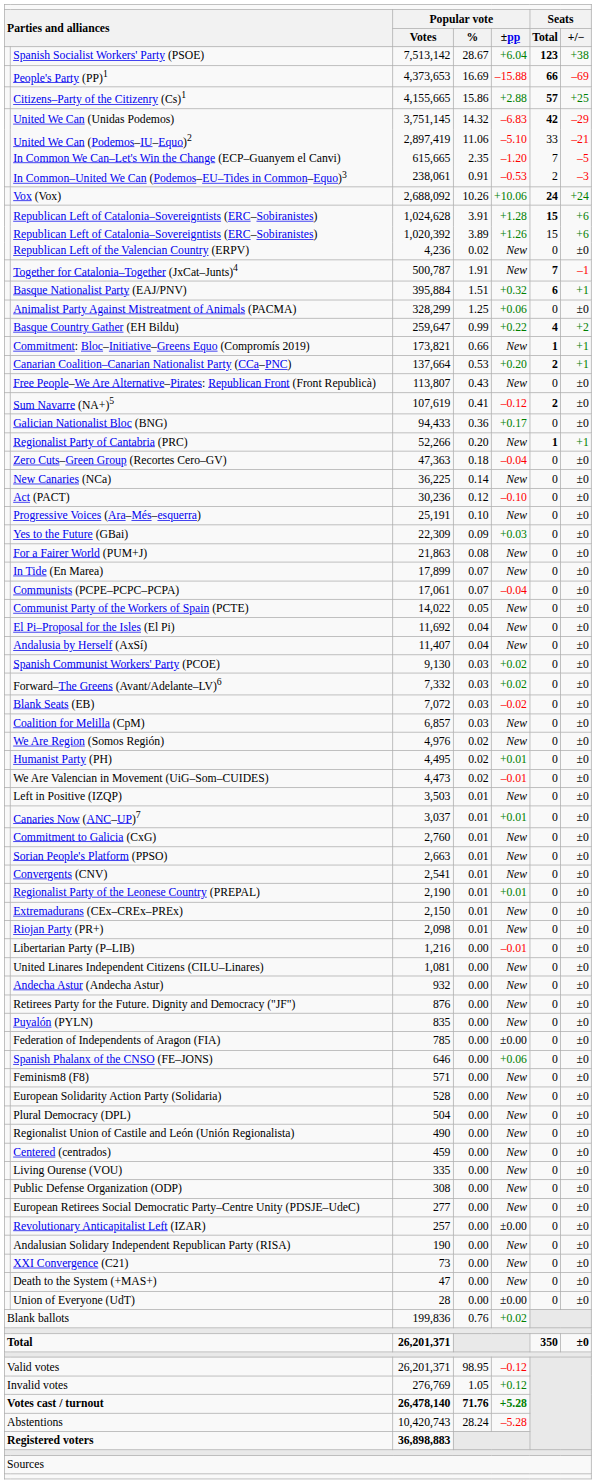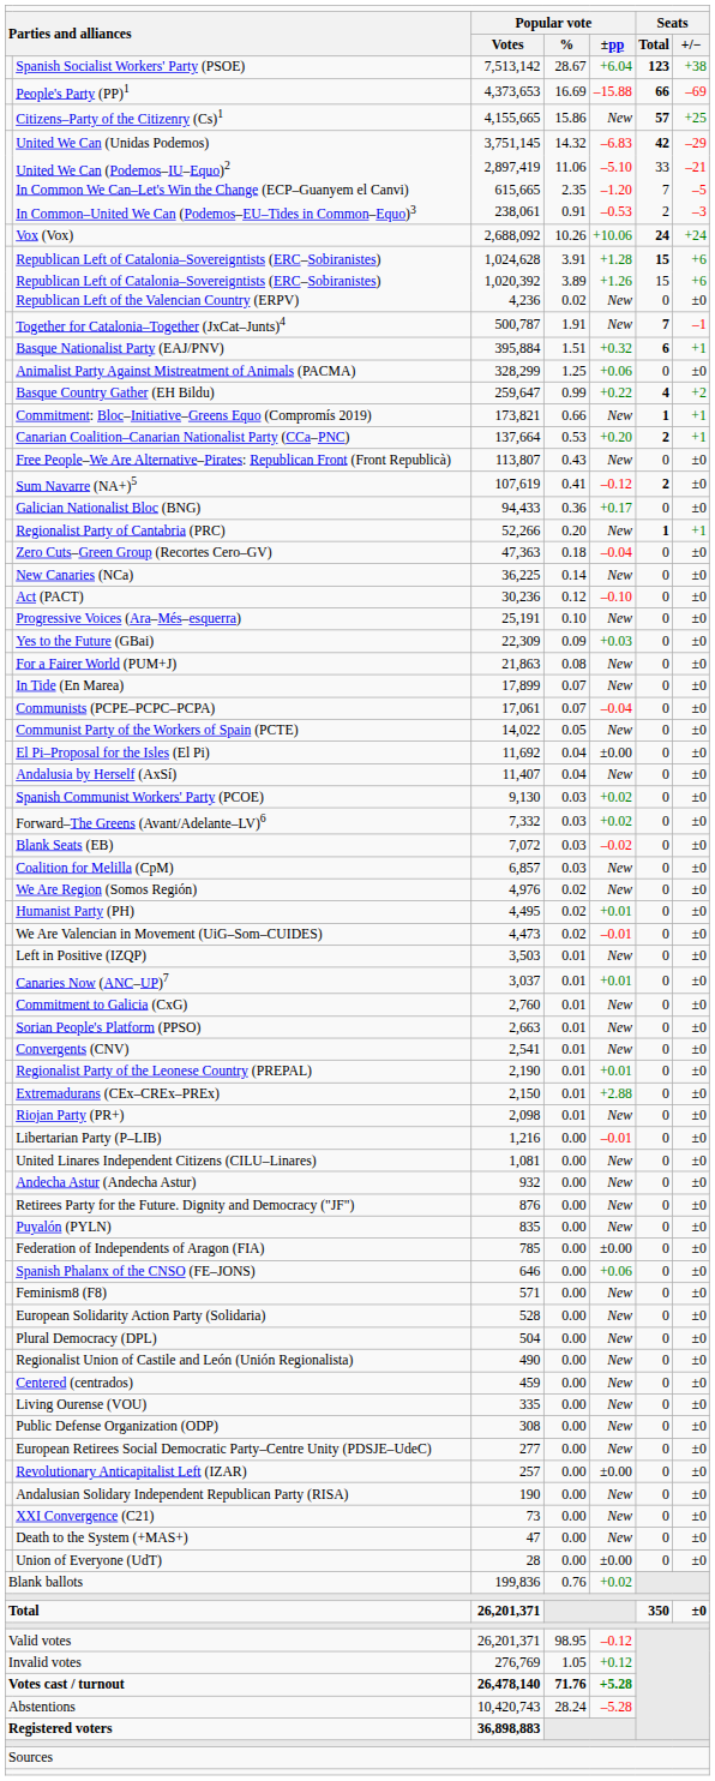 <table class="wikitable" style="text-align:right;">
 <tr>
 <td colspan="7"></td>
 </tr>
 <tr>
 <th style="text-align:left;" rowspan="2" colspan="2" width="525">Parties and alliances</th>
 <th colspan="3">Popular vote</th>
 <th colspan="2">Seats</th>
 </tr>
 <tr>
 <th width="75">Votes</th>
 <th width="45">%</th>
 <th width="45">±<a href='#'>pp</a></th>
 <th width="35">Total</th>
 <th width="35">+/−</th>
 </tr>
 <tr>
 <td width="1" style="color:inherit;background:"></td>
 <td align="left"><a href='#'>Spanish Socialist Workers' Party</a> (PSOE)</td>
 <td>7,513,142</td>
 <td>28.67</td>
 <td style="color:green;">+6.04</td>
 <td><strong>123</strong></td>
 <td style="color:green;">+38</td>
 </tr>
 <tr>
 <td style="color:inherit;background:"></td>
 <td align="left"><a href='#'>People's Party</a> (PP)<sup>1</sup></td>
 <td>4,373,653</td>
 <td>16.69</td>
 <td style="color:red;">–15.88</td>
 <td><strong>66</strong></td>
 <td style="color:red;">–69</td>
 </tr>
 <tr>
 <td style="color:inherit;background:"></td>
 <td align="left"><a href='#'>Citizens–Party of the Citizenry</a> (Cs)<sup>1</sup></td>
 <td>4,155,665</td>
 <td>15.86</td>
-<td style="color:green;">+2.88</td>
+<td><em>New</em></td>
 <td><strong>57</strong></td>
 <td style="color:green;">+25</td>
 </tr>
 <tr style="line-height:22px;">
 <td rowspan="4" style="color:inherit;background:"></td>
 <td align="left"><a href='#'>United We Can</a> (Unidas Podemos)</td>
 <td>3,751,145</td>
 <td>14.32</td>
 <td style="color:red;">–6.83</td>
 <td><strong>42</strong></td>
 <td style="color:red;">–29</td>
 </tr>
 <tr style="border-bottom-style:hidden; border-top-style:hidden; line-height:16px;">
 <td align="left"><span><a href='#'>United We Can</a> (<a href='#'>Podemos</a>–<a href='#'>IU</a>–<a href='#'>Equo</a>)<sup>2</sup></span></td>
 <td>2,897,419</td>
 <td>11.06</td>
 <td style="color:red;">–5.10</td>
 <td>33</td>
 <td style="color:red;">–21</td>
 </tr>
 <tr style="border-bottom-style:hidden; line-height:16px;">
 <td align="left"><span><a href='#'>In Common We Can–Let's Win the Change</a> (ECP–Guanyem el Canvi)</span></td>
 <td>615,665</td>
 <td>2.35</td>
 <td style="color:red;">–1.20</td>
 <td>7</td>
 <td style="color:red;">–5</td>
 </tr>
 <tr style="line-height:16px;">
 <td align="left"><span><a href='#'>In Common–United We Can</a> (<a href='#'>Podemos</a>–<a href='#'>EU–Tides in Common</a>–<a href='#'>Equo</a>)<sup>3</sup></span></td>
 <td>238,061</td>
 <td>0.91</td>
 <td style="color:red;">–0.53</td>
 <td>2</td>
 <td style="color:red;">–3</td>
 </tr>
 <tr>
 <td style="color:inherit;background:"></td>
 <td align="left"><a href='#'>Vox</a> (Vox)</td>
 <td>2,688,092</td>
 <td>10.26</td>
 <td style="color:green;">+10.06</td>
 <td><strong>24</strong></td>
 <td style="color:green;">+24</td>
 </tr>
 <tr style="line-height:22px;">
 <td rowspan="3" style="color:inherit;background:"></td>
 <td align="left"><a href='#'>Republican Left of Catalonia–Sovereigntists</a> (<a href='#'>ERC</a>–<a href='#'>Sobiranistes</a>)</td>
 <td>1,024,628</td>
 <td>3.91</td>
 <td style="color:green;">+1.28</td>
 <td><strong>15</strong></td>
 <td style="color:green;">+6</td>
 </tr>
 <tr style="border-bottom-style:hidden; border-top-style:hidden; line-height:16px;">
 <td align="left"><span><a href='#'>Republican Left of Catalonia–Sovereigntists</a> (<a href='#'>ERC</a>–<a href='#'>Sobiranistes</a>)</span></td>
 <td>1,020,392</td>
 <td>3.89</td>
 <td style="color:green;">+1.26</td>
 <td>15</td>
 <td style="color:green;">+6</td>
 </tr>
 <tr style="line-height:16px;">
 <td align="left"><span><a href='#'>Republican Left of the Valencian Country</a> (ERPV)</span></td>
 <td>4,236</td>
 <td>0.02</td>
 <td><em>New</em></td>
 <td>0</td>
 <td>±0</td>
 </tr>
 <tr>
 <td style="color:inherit;background:"></td>
 <td align="left"><a href='#'>Together for Catalonia–Together</a> (JxCat–Junts)<sup>4</sup></td>
 <td>500,787</td>
 <td>1.91</td>
 <td><em>New</em></td>
 <td><strong>7</strong></td>
 <td style="color:red;">–1</td>
 </tr>
 <tr>
 <td style="color:inherit;background:"></td>
 <td align="left"><a href='#'>Basque Nationalist Party</a> (EAJ/PNV)</td>
 <td>395,884</td>
 <td>1.51</td>
 <td style="color:green;">+0.32</td>
 <td><strong>6</strong></td>
 <td style="color:green;">+1</td>
 </tr>
 <tr>
 <td style="color:inherit;background:"></td>
 <td align="left"><a href='#'>Animalist Party Against Mistreatment of Animals</a> (PACMA)</td>
 <td>328,299</td>
 <td>1.25</td>
 <td style="color:green;">+0.06</td>
 <td>0</td>
 <td>±0</td>
 </tr>
 <tr>
 <td style="color:inherit;background:"></td>
 <td align="left"><a href='#'>Basque Country Gather</a> (EH Bildu)</td>
 <td>259,647</td>
 <td>0.99</td>
 <td style="color:green;">+0.22</td>
 <td><strong>4</strong></td>
 <td style="color:green;">+2</td>
 </tr>
 <tr>
 <td style="color:inherit;background:"></td>
 <td align="left"><a href='#'>Commitment</a>: <a href='#'>Bloc</a>–<a href='#'>Initiative</a>–<a href='#'>Greens Equo</a> (Compromís 2019)</td>
 <td>173,821</td>
 <td>0.66</td>
 <td><em>New</em></td>
 <td><strong>1</strong></td>
 <td style="color:green;">+1</td>
 </tr>
 <tr>
 <td style="color:inherit;background:"></td>
 <td align="left"><a href='#'>Canarian Coalition–Canarian Nationalist Party</a> (<a href='#'>CCa</a>–<a href='#'>PNC</a>)</td>
 <td>137,664</td>
 <td>0.53</td>
 <td style="color:green;">+0.20</td>
 <td><strong>2</strong></td>
 <td style="color:green;">+1</td>
 </tr>
 <tr>
 <td style="color:inherit;background:"></td>
 <td align="left"><a href='#'>Free People</a>–<a href='#'>We Are Alternative</a>–<a href='#'>Pirates</a>: <a href='#'>Republican Front</a> (Front Republicà)</td>
 <td>113,807</td>
 <td>0.43</td>
 <td><em>New</em></td>
 <td>0</td>
 <td>±0</td>
 </tr>
 <tr>
 <td style="color:inherit;background:"></td>
 <td align="left"><a href='#'>Sum Navarre</a> (NA+)<sup>5</sup></td>
 <td>107,619</td>
 <td>0.41</td>
 <td style="color:red;">–0.12</td>
 <td><strong>2</strong></td>
 <td>±0</td>
 </tr>
 <tr>
 <td style="color:inherit;background:"></td>
 <td align="left"><a href='#'>Galician Nationalist Bloc</a> (BNG)</td>
 <td>94,433</td>
 <td>0.36</td>
 <td style="color:green;">+0.17</td>
 <td>0</td>
 <td>±0</td>
 </tr>
 <tr>
 <td style="color:inherit;background:"></td>
 <td align="left"><a href='#'>Regionalist Party of Cantabria</a> (PRC)</td>
 <td>52,266</td>
 <td>0.20</td>
 <td><em>New</em></td>
 <td><strong>1</strong></td>
 <td style="color:green;">+1</td>
 </tr>
 <tr>
 <td style="color:inherit;background:"></td>
 <td align="left"><a href='#'>Zero Cuts</a>–<a href='#'>Green Group</a> (Recortes Cero–GV)</td>
 <td>47,363</td>
 <td>0.18</td>
 <td style="color:red;">–0.04</td>
 <td>0</td>
 <td>±0</td>
 </tr>
 <tr>
 <td style="color:inherit;background:"></td>
 <td align="left"><a href='#'>New Canaries</a> (NCa)</td>
 <td>36,225</td>
 <td>0.14</td>
 <td><em>New</em></td>
 <td>0</td>
 <td>±0</td>
 </tr>
 <tr>
 <td style="color:inherit;background:"></td>
 <td align="left"><a href='#'>Act</a> (PACT)</td>
 <td>30,236</td>
 <td>0.12</td>
 <td style="color:red;">–0.10</td>
 <td>0</td>
 <td>±0</td>
 </tr>
 <tr>
 <td style="color:inherit;background:"></td>
 <td align="left"><a href='#'>Progressive Voices</a> (<a href='#'>Ara</a>–<a href='#'>Més</a>–<a href='#'>esquerra</a>)</td>
 <td>25,191</td>
 <td>0.10</td>
 <td><em>New</em></td>
 <td>0</td>
 <td>±0</td>
 </tr>
 <tr>
 <td style="color:inherit;background:"></td>
 <td align="left"><a href='#'>Yes to the Future</a> (GBai)</td>
 <td>22,309</td>
 <td>0.09</td>
 <td style="color:green;">+0.03</td>
 <td>0</td>
 <td>±0</td>
 </tr>
 <tr>
 <td style="color:inherit;background:"></td>
 <td align="left"><a href='#'>For a Fairer World</a> (PUM+J)</td>
 <td>21,863</td>
 <td>0.08</td>
 <td><em>New</em></td>
 <td>0</td>
 <td>±0</td>
 </tr>
 <tr>
 <td style="color:inherit;background:"></td>
 <td align="left"><a href='#'>In Tide</a> (En Marea)</td>
 <td>17,899</td>
 <td>0.07</td>
 <td><em>New</em></td>
 <td>0</td>
 <td>±0</td>
 </tr>
 <tr>
 <td style="color:inherit;background:"></td>
 <td align="left"><a href='#'>Communists</a> (PCPE–PCPC–PCPA)</td>
 <td>17,061</td>
 <td>0.07</td>
 <td style="color:red;">–0.04</td>
 <td>0</td>
 <td>±0</td>
 </tr>
 <tr>
 <td style="color:inherit;background:"></td>
 <td align="left"><a href='#'>Communist Party of the Workers of Spain</a> (PCTE)</td>
 <td>14,022</td>
 <td>0.05</td>
 <td><em>New</em></td>
 <td>0</td>
 <td>±0</td>
 </tr>
 <tr>
 <td style="color:inherit;background:"></td>
 <td align="left"><a href='#'>El Pi–Proposal for the Isles</a> (El Pi)</td>
 <td>11,692</td>
 <td>0.04</td>
-<td><em>New</em></td>
+<td>±0.00</td>
 <td>0</td>
 <td>±0</td>
 </tr>
 <tr>
 <td style="color:inherit;background:"></td>
 <td align="left"><a href='#'>Andalusia by Herself</a> (AxSí)</td>
 <td>11,407</td>
 <td>0.04</td>
 <td><em>New</em></td>
 <td>0</td>
 <td>±0</td>
 </tr>
 <tr>
 <td style="color:inherit;background:"></td>
 <td align="left"><a href='#'>Spanish Communist Workers' Party</a> (PCOE)</td>
 <td>9,130</td>
 <td>0.03</td>
 <td style="color:green;">+0.02</td>
 <td>0</td>
 <td>±0</td>
 </tr>
 <tr>
 <td style="color:inherit;background:"></td>
 <td align="left">Forward–<a href='#'>The Greens</a> (Avant/Adelante–LV)<sup>6</sup></td>
 <td>7,332</td>
 <td>0.03</td>
 <td style="color:green;">+0.02</td>
 <td>0</td>
 <td>±0</td>
 </tr>
 <tr>
 <td style="color:inherit;background:"></td>
 <td align="left"><a href='#'>Blank Seats</a> (EB)</td>
 <td>7,072</td>
 <td>0.03</td>
 <td style="color:red;">–0.02</td>
 <td>0</td>
 <td>±0</td>
 </tr>
 <tr>
 <td style="color:inherit;background:"></td>
 <td align="left"><a href='#'>Coalition for Melilla</a> (CpM)</td>
 <td>6,857</td>
 <td>0.03</td>
 <td><em>New</em></td>
 <td>0</td>
 <td>±0</td>
 </tr>
 <tr>
 <td style="color:inherit;background:"></td>
 <td align="left"><a href='#'>We Are Region</a> (Somos Región)</td>
 <td>4,976</td>
 <td>0.02</td>
 <td><em>New</em></td>
 <td>0</td>
 <td>±0</td>
 </tr>
 <tr>
 <td style="color:inherit;background:"></td>
 <td align="left"><a href='#'>Humanist Party</a> (PH)</td>
 <td>4,495</td>
 <td>0.02</td>
 <td style="color:green;">+0.01</td>
 <td>0</td>
 <td>±0</td>
 </tr>
 <tr>
 <td style="color:inherit;background:"></td>
 <td align="left">We Are Valencian in Movement (UiG–Som–CUIDES)</td>
 <td>4,473</td>
 <td>0.02</td>
 <td style="color:red;">–0.01</td>
 <td>0</td>
 <td>±0</td>
 </tr>
 <tr>
 <td style="color:inherit;background:"></td>
 <td align="left">Left in Positive (IZQP)</td>
 <td>3,503</td>
 <td>0.01</td>
 <td><em>New</em></td>
 <td>0</td>
 <td>±0</td>
 </tr>
 <tr>
 <td style="color:inherit;background:"></td>
 <td align="left"><a href='#'>Canaries Now</a> (<a href='#'>ANC</a>–<a href='#'>UP</a>)<sup>7</sup></td>
 <td>3,037</td>
 <td>0.01</td>
 <td style="color:green;">+0.01</td>
 <td>0</td>
 <td>±0</td>
 </tr>
 <tr>
 <td style="color:inherit;background:"></td>
 <td align="left"><a href='#'>Commitment to Galicia</a> (CxG)</td>
 <td>2,760</td>
 <td>0.01</td>
 <td><em>New</em></td>
 <td>0</td>
 <td>±0</td>
 </tr>
 <tr>
 <td style="color:inherit;background:"></td>
 <td align="left"><a href='#'>Sorian People's Platform</a> (PPSO)</td>
 <td>2,663</td>
 <td>0.01</td>
 <td><em>New</em></td>
 <td>0</td>
 <td>±0</td>
 </tr>
 <tr>
 <td style="color:inherit;background:"></td>
 <td align="left"><a href='#'>Convergents</a> (CNV)</td>
 <td>2,541</td>
 <td>0.01</td>
 <td><em>New</em></td>
 <td>0</td>
 <td>±0</td>
 </tr>
 <tr>
 <td style="color:inherit;background:"></td>
 <td align="left"><a href='#'>Regionalist Party of the Leonese Country</a> (PREPAL)</td>
 <td>2,190</td>
 <td>0.01</td>
 <td style="color:green;">+0.01</td>
 <td>0</td>
 <td>±0</td>
 </tr>
 <tr>
 <td style="color:inherit;background:"></td>
 <td align="left"><a href='#'>Extremadurans</a> (CEx–CREx–PREx)</td>
 <td>2,150</td>
 <td>0.01</td>
-<td><em>New</em></td>
+<td style="color:green;">+2.88</td>
 <td>0</td>
 <td>±0</td>
 </tr>
 <tr>
 <td style="color:inherit;background:"></td>
 <td align="left"><a href='#'>Riojan Party</a> (PR+)</td>
 <td>2,098</td>
 <td>0.01</td>
 <td><em>New</em></td>
 <td>0</td>
 <td>±0</td>
 </tr>
 <tr>
 <td style="color:inherit;background:"></td>
 <td align="left">Libertarian Party (P–LIB)</td>
 <td>1,216</td>
 <td>0.00</td>
 <td style="color:red;">–0.01</td>
 <td>0</td>
 <td>±0</td>
 </tr>
 <tr>
 <td style="color:inherit;background:"></td>
 <td align="left">United Linares Independent Citizens (CILU–Linares)</td>
 <td>1,081</td>
 <td>0.00</td>
 <td><em>New</em></td>
 <td>0</td>
 <td>±0</td>
 </tr>
 <tr>
 <td style="color:inherit;background:"></td>
 <td align="left"><a href='#'>Andecha Astur</a> (Andecha Astur)</td>
 <td>932</td>
 <td>0.00</td>
 <td><em>New</em></td>
 <td>0</td>
 <td>±0</td>
 </tr>
 <tr>
 <td style="color:inherit;background:"></td>
 <td align="left">Retirees Party for the Future. Dignity and Democracy ("JF")</td>
 <td>876</td>
 <td>0.00</td>
 <td><em>New</em></td>
 <td>0</td>
 <td>±0</td>
 </tr>
 <tr>
 <td style="color:inherit;background:"></td>
 <td align="left"><a href='#'>Puyalón</a> (PYLN)</td>
 <td>835</td>
 <td>0.00</td>
 <td><em>New</em></td>
 <td>0</td>
 <td>±0</td>
 </tr>
 <tr>
 <td style="color:inherit;background:"></td>
 <td align="left">Federation of Independents of Aragon (FIA)</td>
 <td>785</td>
 <td>0.00</td>
 <td>±0.00</td>
 <td>0</td>
 <td>±0</td>
 </tr>
 <tr>
 <td style="color:inherit;background:"></td>
 <td align="left"><a href='#'>Spanish Phalanx of the CNSO</a> (FE–JONS)</td>
 <td>646</td>
 <td>0.00</td>
 <td style="color:green;">+0.06</td>
 <td>0</td>
 <td>±0</td>
 </tr>
 <tr>
 <td style="color:inherit;background:"></td>
 <td align="left">Feminism8 (F8)</td>
 <td>571</td>
 <td>0.00</td>
 <td><em>New</em></td>
 <td>0</td>
 <td>±0</td>
 </tr>
 <tr>
 <td style="color:inherit;background:"></td>
 <td align="left">European Solidarity Action Party (Solidaria)</td>
 <td>528</td>
 <td>0.00</td>
 <td><em>New</em></td>
 <td>0</td>
 <td>±0</td>
 </tr>
 <tr>
 <td style="color:inherit;background:"></td>
 <td align="left">Plural Democracy (DPL)</td>
 <td>504</td>
 <td>0.00</td>
 <td><em>New</em></td>
 <td>0</td>
 <td>±0</td>
 </tr>
 <tr>
 <td style="color:inherit;background:"></td>
 <td align="left">Regionalist Union of Castile and León (Unión Regionalista)</td>
 <td>490</td>
 <td>0.00</td>
 <td><em>New</em></td>
 <td>0</td>
 <td>±0</td>
 </tr>
 <tr>
 <td style="color:inherit;background:"></td>
 <td align="left"><a href='#'>Centered</a> (centrados)</td>
 <td>459</td>
 <td>0.00</td>
 <td><em>New</em></td>
 <td>0</td>
 <td>±0</td>
 </tr>
 <tr>
 <td style="color:inherit;background:"></td>
 <td align="left">Living Ourense (VOU)</td>
 <td>335</td>
 <td>0.00</td>
 <td><em>New</em></td>
 <td>0</td>
 <td>±0</td>
 </tr>
 <tr>
 <td style="color:inherit;background:"></td>
 <td align="left">Public Defense Organization (ODP)</td>
 <td>308</td>
 <td>0.00</td>
 <td><em>New</em></td>
 <td>0</td>
 <td>±0</td>
 </tr>
 <tr>
 <td style="color:inherit;background:"></td>
 <td align="left">European Retirees Social Democratic Party–Centre Unity (PDSJE–UdeC)</td>
 <td>277</td>
 <td>0.00</td>
 <td><em>New</em></td>
 <td>0</td>
 <td>±0</td>
 </tr>
 <tr>
 <td style="color:inherit;background:"></td>
 <td align="left"><a href='#'>Revolutionary Anticapitalist Left</a> (IZAR)</td>
 <td>257</td>
 <td>0.00</td>
 <td>±0.00</td>
 <td>0</td>
 <td>±0</td>
 </tr>
 <tr>
 <td style="color:inherit;background:"></td>
 <td align="left">Andalusian Solidary Independent Republican Party (RISA)</td>
 <td>190</td>
 <td>0.00</td>
 <td><em>New</em></td>
 <td>0</td>
 <td>±0</td>
 </tr>
 <tr>
 <td style="color:inherit;background:"></td>
 <td align="left"><a href='#'>XXI Convergence</a> (C21)</td>
 <td>73</td>
 <td>0.00</td>
 <td><em>New</em></td>
 <td>0</td>
 <td>±0</td>
 </tr>
 <tr>
 <td style="color:inherit;background:"></td>
 <td align="left">Death to the System (+MAS+)</td>
 <td>47</td>
 <td>0.00</td>
 <td><em>New</em></td>
 <td>0</td>
 <td>±0</td>
 </tr>
 <tr>
 <td style="color:inherit;background:"></td>
 <td align="left">Union of Everyone (UdT)</td>
 <td>28</td>
 <td>0.00</td>
 <td>±0.00</td>
 <td>0</td>
 <td>±0</td>
 </tr>
 <tr>
 <td align="left" colspan="2">Blank ballots</td>
 <td>199,836</td>
 <td>0.76</td>
 <td style="color:green;">+0.02</td>
 <td bgcolor="#E9E9E9" colspan="2"></td>
 </tr>
 <tr>
 <td colspan="7" bgcolor="#E9E9E9"></td>
 </tr>
 <tr style="font-weight:bold;">
 <td align="left" colspan="2">Total</td>
 <td>26,201,371</td>
 <td bgcolor="#E9E9E9" colspan="2"></td>
 <td>350</td>
 <td>±0</td>
 </tr>
 <tr>
 <td colspan="7" bgcolor="#E9E9E9"></td>
 </tr>
 <tr>
 <td align="left" colspan="2">Valid votes</td>
 <td>26,201,371</td>
 <td>98.95</td>
 <td style="color:red;">–0.12</td>
 <td bgcolor="#E9E9E9" colspan="2" rowspan="5"></td>
 </tr>
 <tr>
 <td align="left" colspan="2">Invalid votes</td>
 <td>276,769</td>
 <td>1.05</td>
 <td style="color:green;">+0.12</td>
 </tr>
 <tr style="font-weight:bold;">
 <td align="left" colspan="2">Votes cast / turnout</td>
 <td>26,478,140</td>
 <td>71.76</td>
 <td style="color:green;">+5.28</td>
 </tr>
 <tr>
 <td align="left" colspan="2">Abstentions</td>
 <td>10,420,743</td>
 <td>28.24</td>
 <td style="color:red;">–5.28</td>
 </tr>
 <tr style="font-weight:bold;">
 <td align="left" colspan="2">Registered voters</td>
 <td>36,898,883</td>
 <td bgcolor="#E9E9E9" colspan="2"></td>
 </tr>
 <tr>
 <td colspan="7" bgcolor="#E9E9E9"></td>
 </tr>
 <tr>
 <td align="left" colspan="7">Sources</td>
 </tr>
 <tr>
 <td colspan="7" style="text-align:left; max-width:790px;"></td>
 </tr>
 </table>
